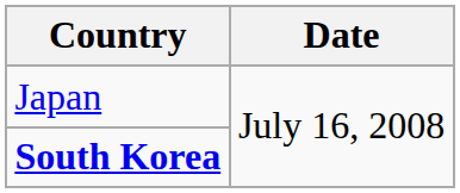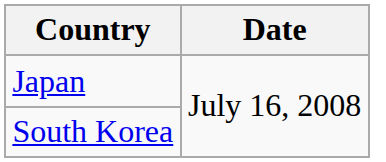 <table class="wikitable">
 <tr>
 <th>Country</th>
 <th>Date</th>
 </tr>
 <tr>
 <td><a href='#'>Japan</a></td>
 <td rowspan="2">July 16, 2008</td>
 </tr>
 <tr>
-<td><strong><a href='#'>South Korea</a></strong></td>
+<td><a href='#'>South Korea</a></td>
 </tr>
 </table>
